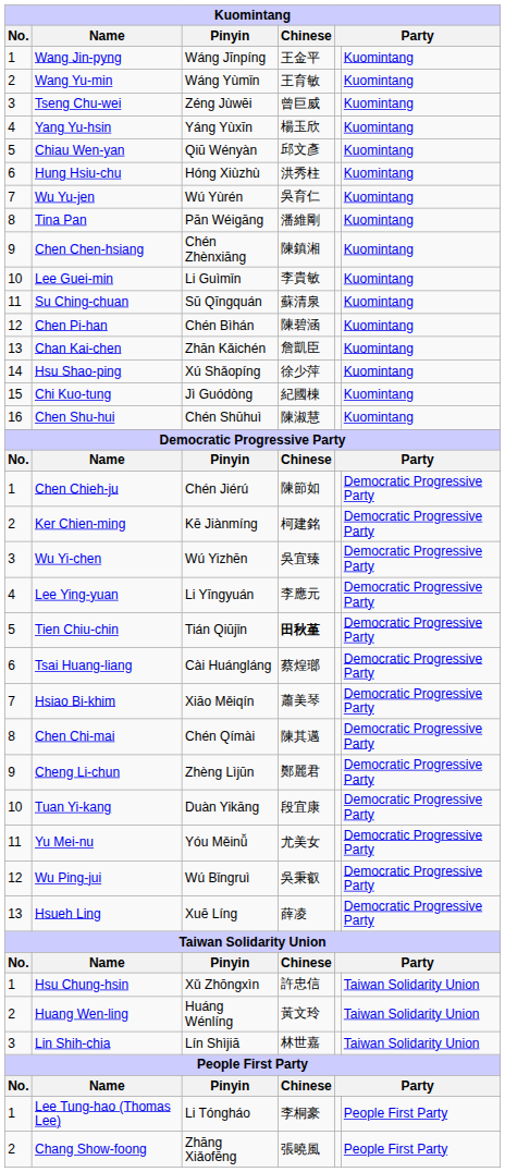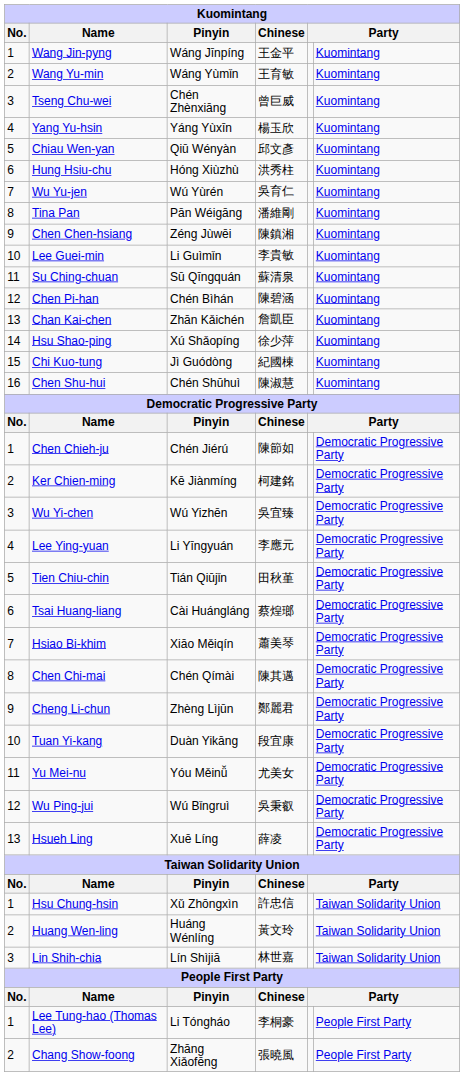 <table class="wikitable">
 <tr>
 <th colspan="6" style="background:#ccf;">Kuomintang</th>
 </tr>
 <tr>
 <th>No.</th>
 <th>Name</th>
 <th>Pinyin</th>
 <th>Chinese</th>
 <th colspan=2>Party</th>
 </tr>
 <tr>
 <td>1</td>
 <td><a href='#'>Wang Jin-pyng</a></td>
 <td>Wáng Jīnpíng</td>
 <td>王金平</td>
 <td style="background-color: "></td>
 <td><a href='#'>Kuomintang</a></td>
 </tr>
 <tr>
 <td>2</td>
 <td><a href='#'>Wang Yu-min</a></td>
 <td>Wáng Yùmǐn</td>
 <td>王育敏</td>
 <td style="background-color: "></td>
 <td><a href='#'>Kuomintang</a></td>
 </tr>
 <tr>
 <td>3</td>
 <td><a href='#'>Tseng Chu-wei</a></td>
-<td>Zéng Jùwēi</td>
+<td>Chén Zhènxiāng</td>
 <td>曾巨威</td>
 <td style="background-color: "></td>
 <td><a href='#'>Kuomintang</a></td>
 </tr>
 <tr>
 <td>4</td>
 <td><a href='#'>Yang Yu-hsin</a></td>
 <td>Yáng Yùxīn</td>
 <td>楊玉欣</td>
 <td style="background-color: "></td>
 <td><a href='#'>Kuomintang</a></td>
 </tr>
 <tr>
 <td>5</td>
 <td><a href='#'>Chiau Wen-yan</a></td>
 <td>Qiū Wényàn</td>
 <td>邱文彥</td>
 <td style="background-color: "></td>
 <td><a href='#'>Kuomintang</a></td>
 </tr>
 <tr>
 <td>6</td>
 <td><a href='#'>Hung Hsiu-chu</a></td>
 <td>Hóng Xiùzhù</td>
 <td>洪秀柱</td>
 <td style="background-color: "></td>
 <td><a href='#'>Kuomintang</a></td>
 </tr>
 <tr>
 <td>7</td>
 <td><a href='#'>Wu Yu-jen</a></td>
 <td>Wú Yùrén</td>
 <td>吳育仁</td>
 <td style="background-color: "></td>
 <td><a href='#'>Kuomintang</a></td>
 </tr>
 <tr>
 <td>8</td>
 <td><a href='#'>Tina Pan</a></td>
 <td>Pān Wéigāng</td>
 <td>潘維剛</td>
 <td style="background-color: "></td>
 <td><a href='#'>Kuomintang</a></td>
 </tr>
 <tr>
 <td>9</td>
 <td><a href='#'>Chen Chen-hsiang</a></td>
-<td>Chén Zhènxiāng</td>
+<td>Zéng Jùwēi</td>
 <td>陳鎮湘</td>
 <td style="background-color: "></td>
 <td><a href='#'>Kuomintang</a></td>
 </tr>
 <tr>
 <td>10</td>
 <td><a href='#'>Lee Guei-min</a></td>
 <td>Li Guìmǐn</td>
 <td>李貴敏</td>
 <td style="background-color: "></td>
 <td><a href='#'>Kuomintang</a></td>
 </tr>
 <tr>
 <td>11</td>
 <td><a href='#'>Su Ching-chuan</a></td>
 <td>Sū Qīngquán</td>
 <td>蘇清泉</td>
 <td style="background-color: "></td>
 <td><a href='#'>Kuomintang</a></td>
 </tr>
 <tr>
 <td>12</td>
 <td><a href='#'>Chen Pi-han</a></td>
 <td>Chén Bìhán</td>
 <td>陳碧涵</td>
 <td style="background-color: "></td>
 <td><a href='#'>Kuomintang</a></td>
 </tr>
 <tr>
 <td>13</td>
 <td><a href='#'>Chan Kai-chen</a></td>
 <td>Zhān Kǎichén</td>
 <td>詹凱臣</td>
 <td style="background-color: "></td>
 <td><a href='#'>Kuomintang</a></td>
 </tr>
 <tr>
 <td>14</td>
 <td><a href='#'>Hsu Shao-ping</a></td>
 <td>Xú Shǎopíng</td>
 <td>徐少萍</td>
 <td style="background-color: "></td>
 <td><a href='#'>Kuomintang</a></td>
 </tr>
 <tr>
 <td>15</td>
 <td><a href='#'>Chi Kuo-tung</a></td>
 <td>Jì Guódòng</td>
 <td>紀國棟</td>
 <td style="background-color: "></td>
 <td><a href='#'>Kuomintang</a></td>
 </tr>
 <tr>
 <td>16</td>
 <td><a href='#'>Chen Shu-hui</a></td>
 <td>Chén Shūhuì</td>
 <td>陳淑慧</td>
 <td style="background-color: "></td>
 <td><a href='#'>Kuomintang</a></td>
 </tr>
 <tr>
 <th colspan="6" style="background:#ccf;">Democratic Progressive Party</th>
 </tr>
 <tr>
 <th>No.</th>
 <th>Name</th>
 <th>Pinyin</th>
 <th>Chinese</th>
 <th colspan=2>Party</th>
 </tr>
 <tr>
 <td>1</td>
 <td><a href='#'>Chen Chieh-ju</a></td>
 <td>Chén Jiérú</td>
 <td>陳節如</td>
 <td style="background-color: "></td>
 <td><a href='#'>Democratic Progressive Party</a></td>
 </tr>
 <tr>
 <td>2</td>
 <td><a href='#'>Ker Chien-ming</a></td>
 <td>Kē Jiànmíng</td>
 <td>柯建銘</td>
 <td style="background-color: "></td>
 <td><a href='#'>Democratic Progressive Party</a></td>
 </tr>
 <tr>
 <td>3</td>
 <td><a href='#'>Wu Yi-chen</a></td>
 <td>Wú Yizhēn</td>
 <td>吳宜臻</td>
 <td style="background-color: "></td>
 <td><a href='#'>Democratic Progressive Party</a></td>
 </tr>
 <tr>
 <td>4</td>
 <td><a href='#'>Lee Ying-yuan</a></td>
 <td>Li Yīngyuán</td>
 <td>李應元</td>
 <td style="background-color: "></td>
 <td><a href='#'>Democratic Progressive Party</a></td>
 </tr>
 <tr>
 <td>5</td>
 <td><a href='#'>Tien Chiu-chin</a></td>
 <td>Tián Qiūjǐn</td>
-<td><strong>田秋堇</strong></td>
+<td>田秋堇</td>
 <td style="background-color: "></td>
 <td><a href='#'>Democratic Progressive Party</a></td>
 </tr>
 <tr>
 <td>6</td>
 <td><a href='#'>Tsai Huang-liang</a></td>
 <td>Cài Huángláng</td>
 <td>蔡煌瑯</td>
 <td style="background-color: "></td>
 <td><a href='#'>Democratic Progressive Party</a></td>
 </tr>
 <tr>
 <td>7</td>
 <td><a href='#'>Hsiao Bi-khim</a></td>
 <td>Xiāo Měiqín</td>
 <td>蕭美琴</td>
 <td style="background-color: "></td>
 <td><a href='#'>Democratic Progressive Party</a></td>
 </tr>
 <tr>
 <td>8</td>
 <td><a href='#'>Chen Chi-mai</a></td>
 <td>Chén Qímài</td>
 <td>陳其邁</td>
 <td style="background-color: "></td>
 <td><a href='#'>Democratic Progressive Party</a></td>
 </tr>
 <tr>
 <td>9</td>
 <td><a href='#'>Cheng Li-chun</a></td>
 <td>Zhèng Lìjūn</td>
 <td>鄭麗君</td>
 <td style="background-color: "></td>
 <td><a href='#'>Democratic Progressive Party</a></td>
 </tr>
 <tr>
 <td>10</td>
 <td><a href='#'>Tuan Yi-kang</a></td>
 <td>Duàn Yikāng</td>
 <td>段宜康</td>
 <td style="background-color: "></td>
 <td><a href='#'>Democratic Progressive Party</a></td>
 </tr>
 <tr>
 <td>11</td>
 <td><a href='#'>Yu Mei-nu</a></td>
 <td>Yóu Měinǚ</td>
 <td>尤美女</td>
 <td style="background-color: "></td>
 <td><a href='#'>Democratic Progressive Party</a></td>
 </tr>
 <tr>
 <td>12</td>
 <td><a href='#'>Wu Ping-jui</a></td>
 <td>Wú Bǐngruì</td>
 <td>吳秉叡</td>
 <td style="background-color: "></td>
 <td><a href='#'>Democratic Progressive Party</a></td>
 </tr>
 <tr>
 <td>13</td>
 <td><a href='#'>Hsueh Ling</a></td>
 <td>Xuē Líng</td>
 <td>薛凌</td>
 <td style="background-color: "></td>
 <td><a href='#'>Democratic Progressive Party</a></td>
 </tr>
 <tr>
 <th colspan="6" style="background:#ccf;">Taiwan Solidarity Union</th>
 </tr>
 <tr>
 <th>No.</th>
 <th>Name</th>
 <th>Pinyin</th>
 <th>Chinese</th>
 <th colspan=2>Party</th>
 </tr>
 <tr>
 <td>1</td>
 <td><a href='#'>Hsu Chung-hsin</a></td>
 <td>Xǔ Zhōngxìn</td>
 <td>許忠信</td>
 <td style="background-color: "></td>
 <td><a href='#'>Taiwan Solidarity Union</a></td>
 </tr>
 <tr>
 <td>2</td>
 <td><a href='#'>Huang Wen-ling</a></td>
 <td>Huáng Wénlíng</td>
 <td>黃文玲</td>
 <td style="background-color: "></td>
 <td><a href='#'>Taiwan Solidarity Union</a></td>
 </tr>
 <tr>
 <td>3</td>
 <td><a href='#'>Lin Shih-chia</a></td>
 <td>Lín Shìjiā</td>
 <td>林世嘉</td>
 <td style="background-color: "></td>
 <td><a href='#'>Taiwan Solidarity Union</a></td>
 </tr>
 <tr>
 <th colspan="6" style="background:#ccf;">People First Party</th>
 </tr>
 <tr>
 <th>No.</th>
 <th>Name</th>
 <th>Pinyin</th>
 <th>Chinese</th>
 <th colspan=2>Party</th>
 </tr>
 <tr>
 <td>1</td>
 <td><a href='#'>Lee Tung-hao (Thomas Lee)</a></td>
 <td>Li Tóngháo</td>
 <td>李桐豪</td>
 <td style="background-color: "></td>
 <td><a href='#'>People First Party</a></td>
 </tr>
 <tr>
 <td>2</td>
 <td><a href='#'>Chang Show-foong</a></td>
 <td>Zhāng Xiǎofēng</td>
 <td>張曉風</td>
 <td style="background-color: "></td>
 <td><a href='#'>People First Party</a></td>
 </tr>
 </table>
